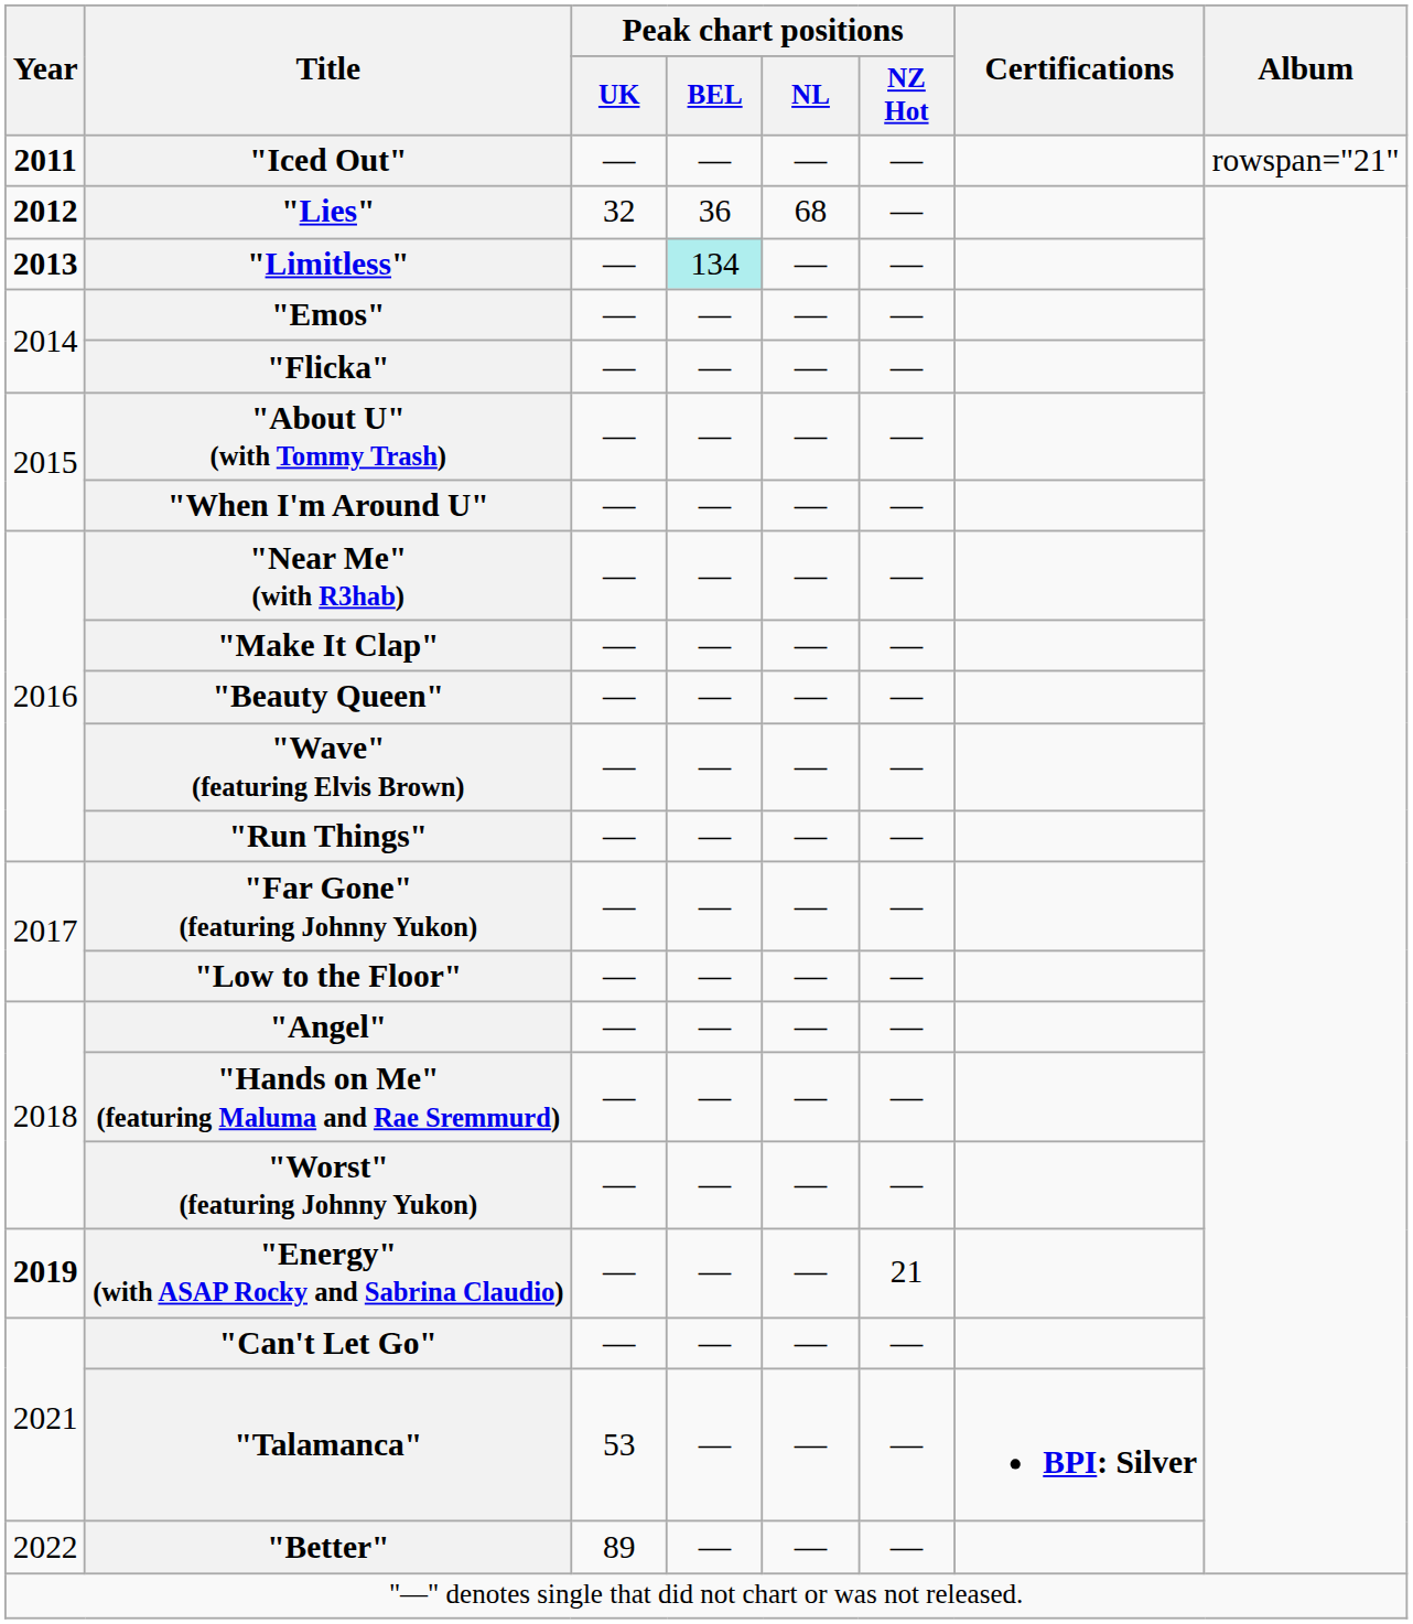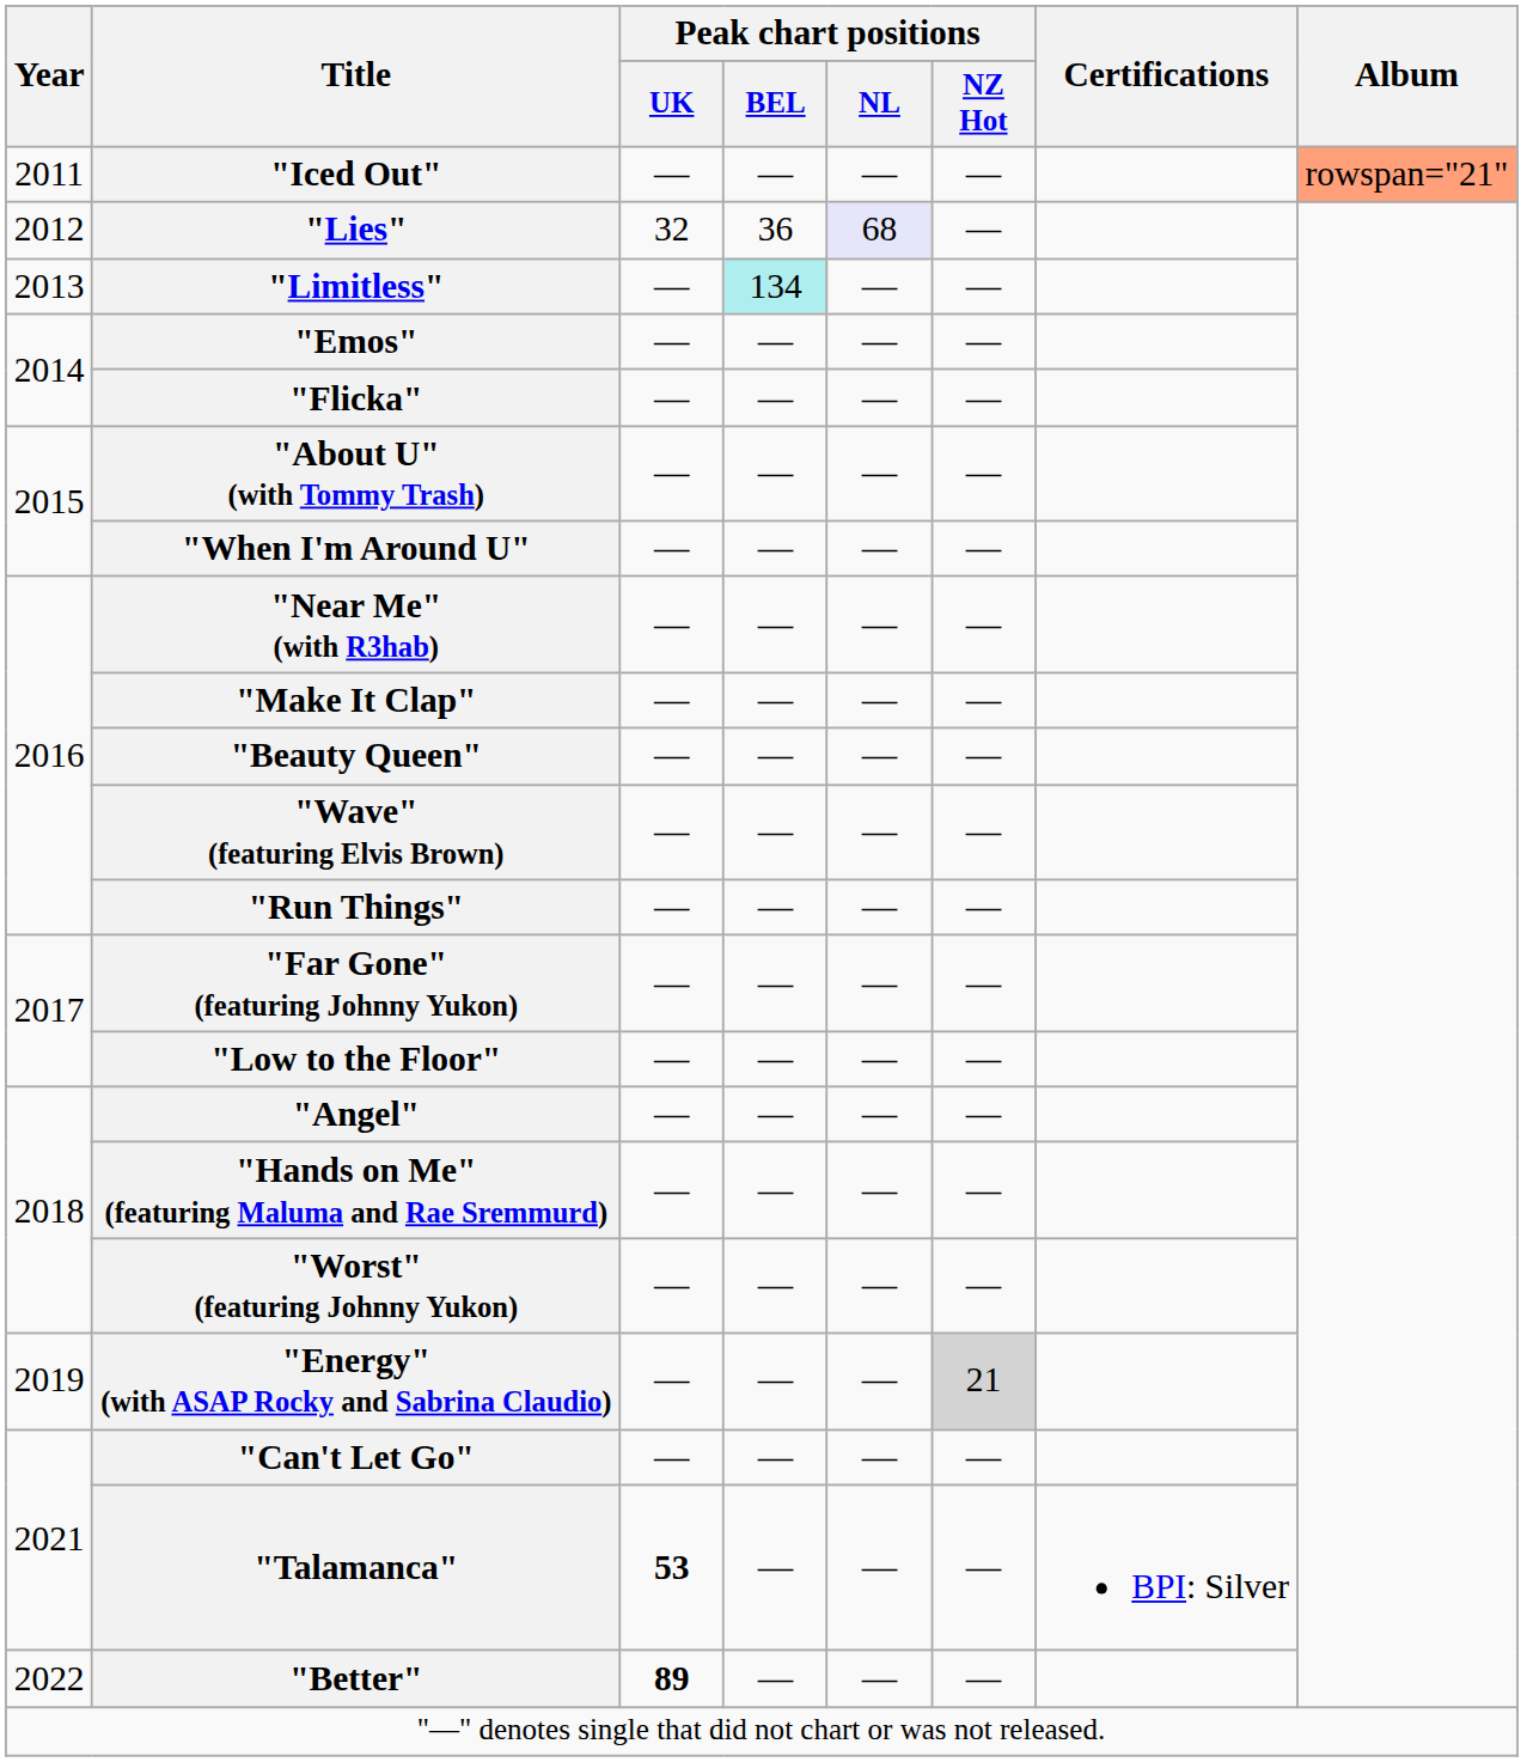 <table class="wikitable plainrowheaders" style="text-align:center;" border="1">
 <tr>
 <th scope="col" rowspan="2">Year</th>
 <th scope="col" rowspan="2">Title</th>
 <th scope="col" colspan="4">Peak chart positions</th>
 <th scope="col" rowspan="2">Certifications</th>
 <th scope="col" rowspan="2">Album</th>
 </tr>
 <tr>
 <th scope="col" style="width:3em;font-size:85%;"><a href='#'>UK</a><br></th>
 <th scope="col" style="width:3em;font-size:85%;"><a href='#'>BEL</a><br></th>
 <th scope="col" style="width:3em;font-size:85%;"><a href='#'>NL</a><br></th>
 <th scope="col" style="width:3em;font-size:85%;"><a href='#'>NZ<br>Hot</a><br></th>
 </tr>
 <tr>
-<td><strong>2011</strong></td>
+<td>2011</td>
 <th scope="row">"Iced Out"</th>
 <td>—</td>
 <td>—</td>
 <td>—</td>
 <td>—</td>
 <td></td>
-<td>rowspan="21" </td>
+<td style="background: lightsalmon;">rowspan="21" </td>
 </tr>
 <tr>
-<td><strong>2012</strong></td>
+<td>2012</td>
 <th scope="row">"<a href='#'>Lies</a>"</th>
 <td>32</td>
 <td>36</td>
-<td>68</td>
+<td style="background: lavender;">68</td>
 <td>—</td>
 <td></td>
 </tr>
 <tr>
-<td><strong>2013</strong></td>
+<td>2013</td>
 <th scope="row">"<a href='#'>Limitless</a>"</th>
 <td>—</td>
 <td style="background: paleturquoise;">134</td>
 <td>—</td>
 <td>—</td>
 <td></td>
 </tr>
 <tr>
 <td rowspan="2">2014</td>
 <th scope="row">"Emos"</th>
 <td>—</td>
 <td>—</td>
 <td>—</td>
 <td>—</td>
 <td></td>
 </tr>
 <tr>
 <th scope="row">"Flicka"</th>
 <td>—</td>
 <td>—</td>
 <td>—</td>
 <td>—</td>
 <td></td>
 </tr>
 <tr>
 <td rowspan="2">2015</td>
 <th scope="row">"About U"<br><small>(with <a href='#'>Tommy Trash</a>)</small></th>
 <td>—</td>
 <td>—</td>
 <td>—</td>
 <td>—</td>
 <td></td>
 </tr>
 <tr>
 <th scope="row">"When I'm Around U"</th>
 <td>—</td>
 <td>—</td>
 <td>—</td>
 <td>—</td>
 <td></td>
 </tr>
 <tr>
 <td rowspan="5">2016</td>
 <th scope="row">"Near Me"<br><small>(with <a href='#'>R3hab</a>)</small></th>
 <td>—</td>
 <td>—</td>
 <td>—</td>
 <td>—</td>
 <td></td>
 </tr>
 <tr>
 <th scope="row">"Make It Clap"</th>
 <td>—</td>
 <td>—</td>
 <td>—</td>
 <td>—</td>
 <td></td>
 </tr>
 <tr>
 <th scope="row">"Beauty Queen"</th>
 <td>—</td>
 <td>—</td>
 <td>—</td>
 <td>—</td>
 <td></td>
 </tr>
 <tr>
 <th scope="row">"Wave"<br><small>(featuring Elvis Brown)</small></th>
 <td>—</td>
 <td>—</td>
 <td>—</td>
 <td>—</td>
 <td></td>
 </tr>
 <tr>
 <th scope="row">"Run Things"</th>
 <td>—</td>
 <td>—</td>
 <td>—</td>
 <td>—</td>
 <td></td>
 </tr>
 <tr>
 <td rowspan="2">2017</td>
 <th scope="row">"Far Gone"<br><small>(featuring Johnny Yukon)</small></th>
 <td>—</td>
 <td>—</td>
 <td>—</td>
 <td>—</td>
 <td></td>
 </tr>
 <tr>
 <th scope="row">"Low to the Floor"</th>
 <td>—</td>
 <td>—</td>
 <td>—</td>
 <td>—</td>
 <td></td>
 </tr>
 <tr>
 <td rowspan="3">2018</td>
 <th scope="row">"Angel"</th>
 <td>—</td>
 <td>—</td>
 <td>—</td>
 <td>—</td>
 <td></td>
 </tr>
 <tr>
 <th scope="row">"Hands on Me" <br><small>(featuring <a href='#'>Maluma</a> and <a href='#'>Rae Sremmurd</a>)</small></th>
 <td>—</td>
 <td>—</td>
 <td>—</td>
 <td>—</td>
 <td></td>
 </tr>
 <tr>
 <th scope="row">"Worst" <br><small>(featuring Johnny Yukon)</small></th>
 <td>—</td>
 <td>—</td>
 <td>—</td>
 <td>—</td>
 <td></td>
 </tr>
 <tr>
-<td><strong>2019</strong></td>
+<td>2019</td>
 <th scope="row">"Energy" <br><small>(with <a href='#'>ASAP Rocky</a> and <a href='#'>Sabrina Claudio</a>)</small></th>
 <td>—</td>
 <td>—</td>
 <td>—</td>
-<td>21</td>
+<td style="background: lightgrey;">21</td>
 <td></td>
 </tr>
 <tr>
 <td rowspan="2">2021</td>
 <th scope="row">"Can't Let Go"</th>
 <td>—</td>
 <td>—</td>
 <td>—</td>
 <td>—</td>
 <td></td>
 </tr>
 <tr>
 <th scope="row">"Talamanca"</th>
-<td>53</td>
+<td><strong>53</strong></td>
 <td>—</td>
 <td>—</td>
 <td>—</td>
-<td><strong><br><ul><li><a href='#'>BPI</a>: Silver</li></ul></strong></td>
+<td><br><ul><li><a href='#'>BPI</a>: Silver</li></ul></td>
 </tr>
 <tr>
 <td>2022</td>
 <th scope="row">"Better"<br></th>
-<td>89</td>
+<td><strong>89</strong></td>
 <td>—</td>
 <td>—</td>
 <td>—</td>
 <td></td>
 </tr>
 <tr>
 <td colspan="18" style="font-size:85%">"—" denotes single that did not chart or was not released.</td>
 </tr>
 </table>
